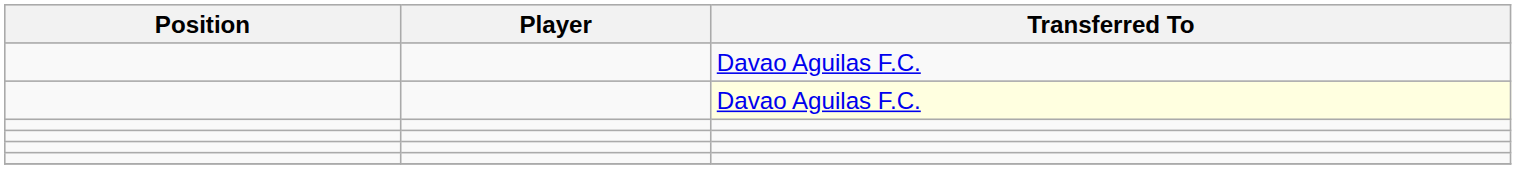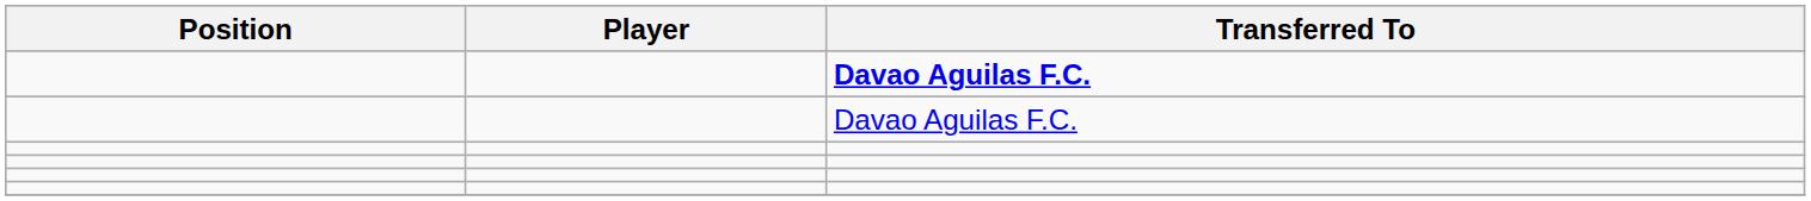 <table class="wikitable sortable" style="width:75%; text-align:center; font-size:95%; text-align:left;">
 <tr>
 <th><strong>Position</strong></th>
 <th><strong>Player</strong></th>
 <th><strong>Transferred To</strong></th>
 </tr>
 <tr>
 <td></td>
 <td></td>
-<td> <a href='#'>Davao Aguilas F.C.</a></td>
+<td><strong> <a href='#'>Davao Aguilas F.C.</a></strong></td>
 </tr>
 <tr>
 <td></td>
 <td></td>
-<td style="background: lightyellow;"> <a href='#'>Davao Aguilas F.C.</a></td>
+<td> <a href='#'>Davao Aguilas F.C.</a></td>
 </tr>
 <tr>
 <td></td>
 <td></td>
 <td></td>
 </tr>
 <tr>
 <td></td>
 <td></td>
 <td></td>
 </tr>
 <tr>
 <td></td>
 <td></td>
 <td></td>
 </tr>
 <tr>
 <td></td>
 <td></td>
 <td></td>
 </tr>
 <tr>
 </tr>
 </table>
